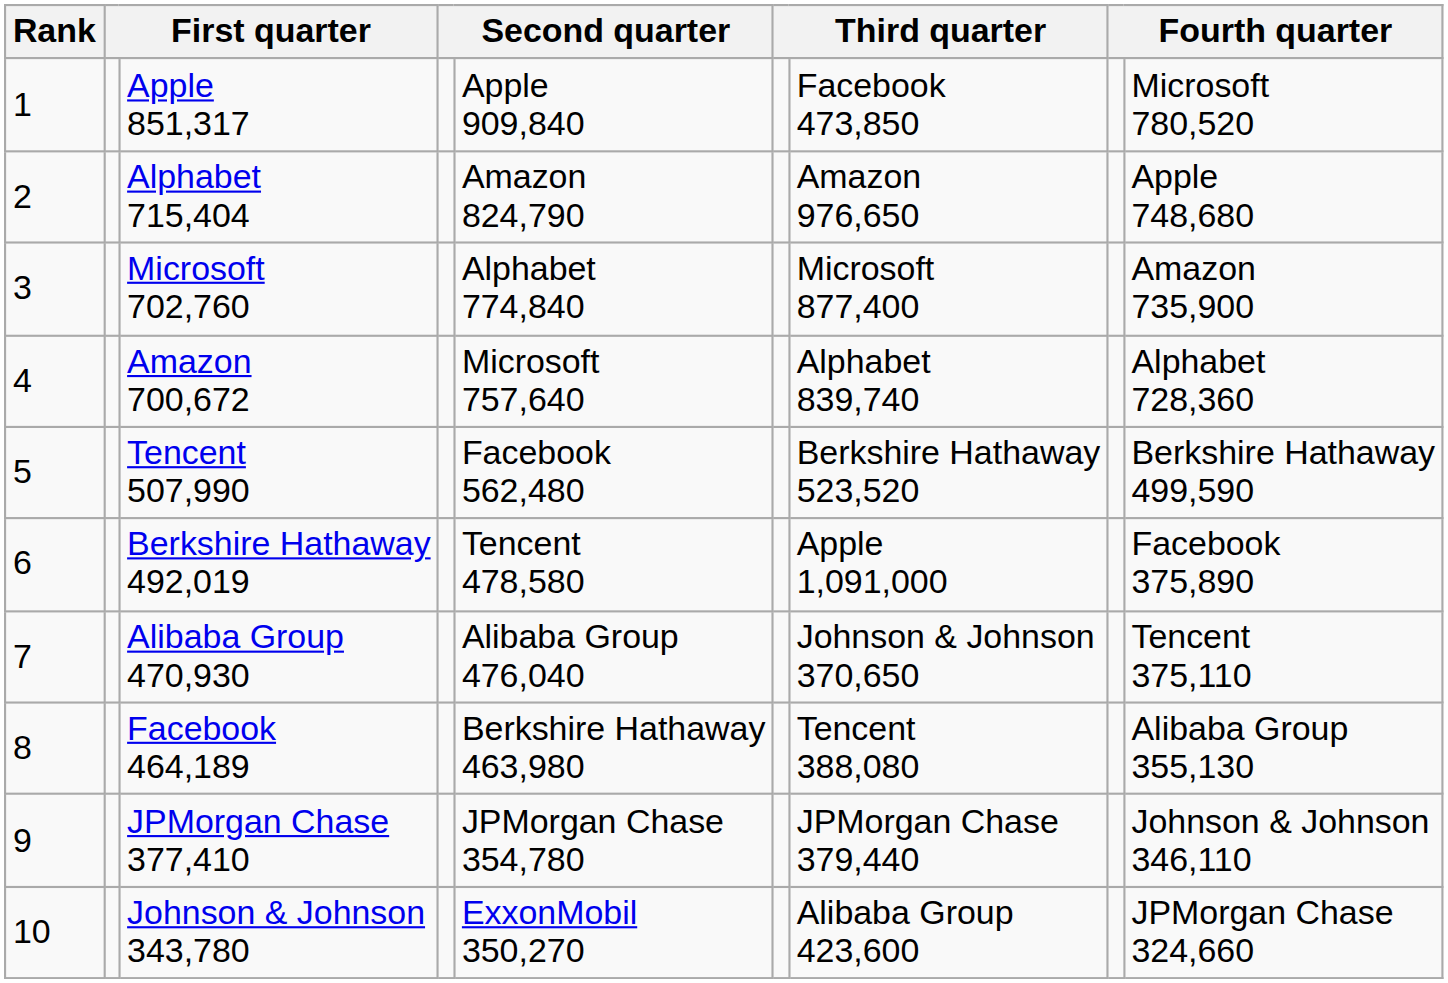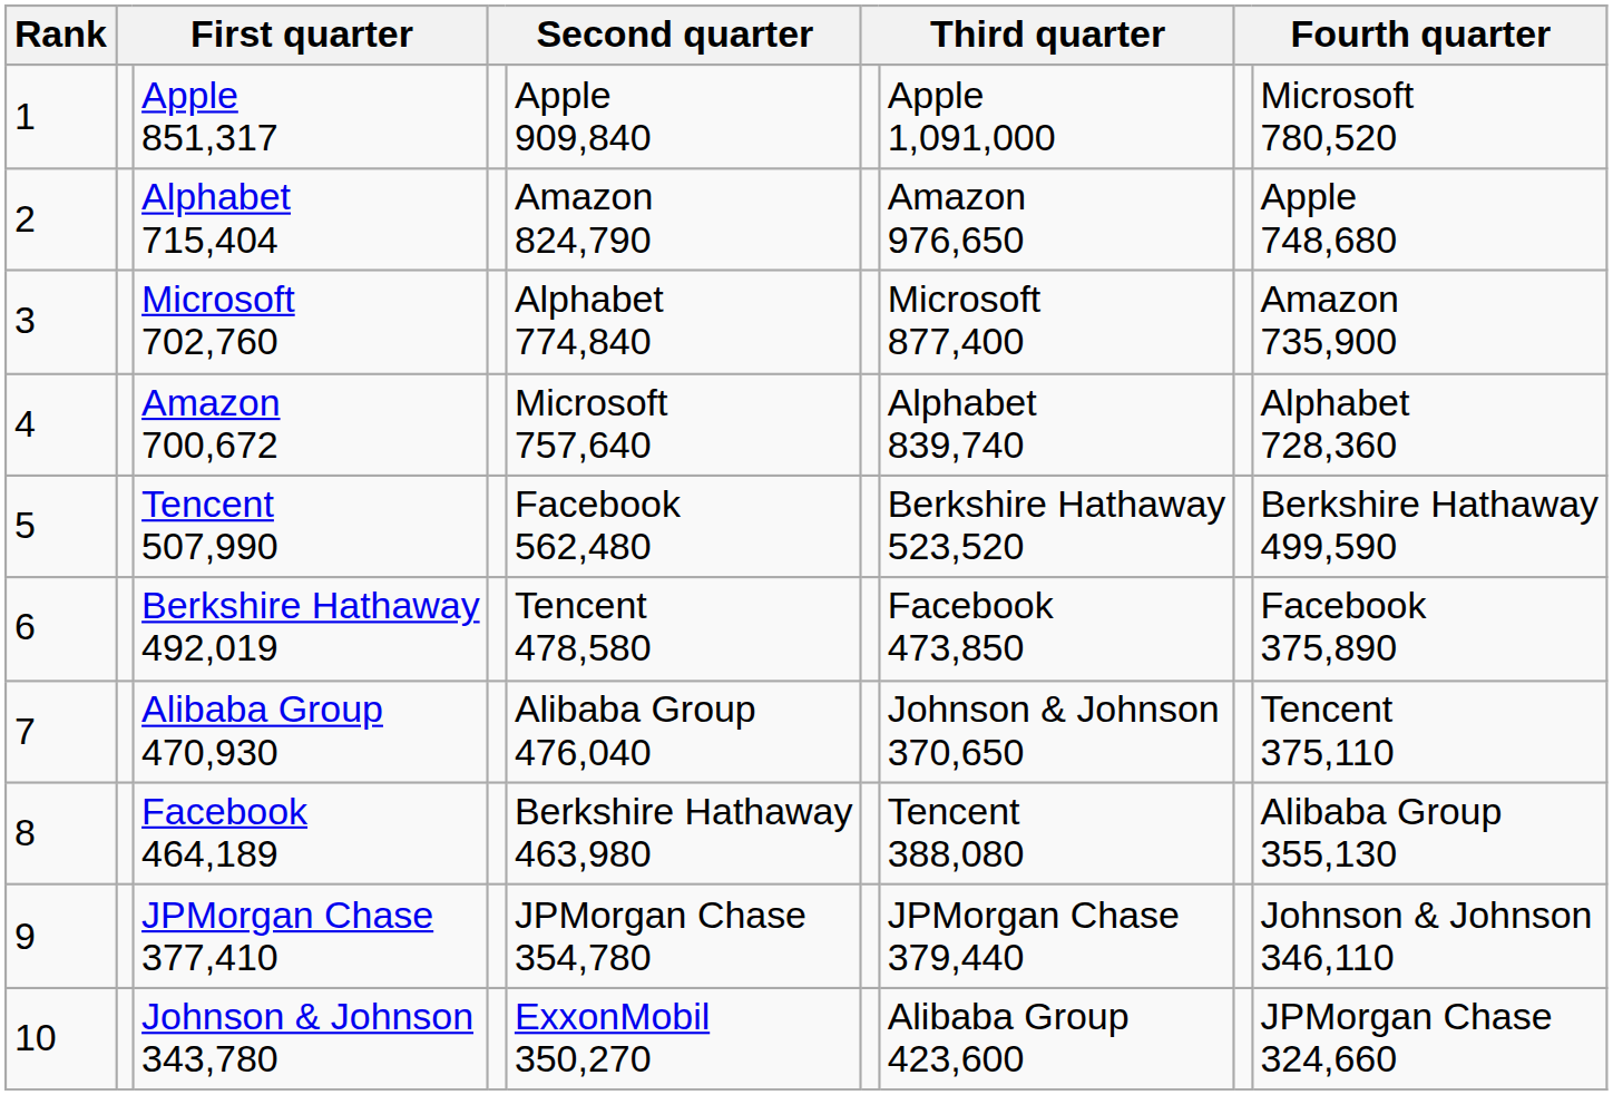 <table class="wikitable">
 <tr>
 <th>Rank</th>
 <th colspan = 2>First quarter</th>
 <th colspan = 2>Second quarter</th>
 <th colspan = 2>Third quarter</th>
 <th colspan = 2>Fourth quarter</th>
 </tr>
 <tr>
 <td>1</td>
 <td></td>
 <td><a href='#'>Apple</a> <br> 851,317</td>
 <td></td>
 <td>Apple <br> 909,840</td>
 <td></td>
-<td>Facebook <br> 473,850</td>
+<td>Apple <br> 1,091,000</td>
 <td></td>
 <td>Microsoft <br> 780,520</td>
 </tr>
 <tr>
 <td>2</td>
 <td></td>
 <td><a href='#'>Alphabet</a> <br> 715,404</td>
 <td></td>
 <td>Amazon <br> 824,790</td>
 <td></td>
 <td>Amazon <br> 976,650</td>
 <td></td>
 <td>Apple <br> 748,680</td>
 </tr>
 <tr>
 <td>3</td>
 <td></td>
 <td><a href='#'>Microsoft</a> <br> 702,760</td>
 <td></td>
 <td>Alphabet <br> 774,840</td>
 <td></td>
 <td>Microsoft <br> 877,400</td>
 <td></td>
 <td>Amazon <br> 735,900</td>
 </tr>
 <tr>
 <td>4</td>
 <td></td>
 <td><a href='#'>Amazon</a> <br> 700,672</td>
 <td></td>
 <td>Microsoft <br> 757,640</td>
 <td></td>
 <td>Alphabet <br> 839,740</td>
 <td></td>
 <td>Alphabet <br> 728,360</td>
 </tr>
 <tr>
 <td>5</td>
 <td></td>
 <td><a href='#'>Tencent</a> <br> 507,990</td>
 <td></td>
 <td>Facebook <br> 562,480</td>
 <td></td>
 <td>Berkshire Hathaway <br> 523,520</td>
 <td></td>
 <td>Berkshire Hathaway <br> 499,590</td>
 </tr>
 <tr>
 <td>6</td>
 <td></td>
 <td><a href='#'>Berkshire Hathaway</a> <br> 492,019</td>
 <td></td>
 <td>Tencent <br> 478,580</td>
 <td></td>
-<td>Apple <br> 1,091,000</td>
+<td>Facebook <br> 473,850</td>
 <td></td>
 <td>Facebook <br> 375,890</td>
 </tr>
 <tr>
 <td>7</td>
 <td></td>
 <td><a href='#'>Alibaba Group</a> <br> 470,930</td>
 <td></td>
 <td>Alibaba Group <br> 476,040</td>
 <td></td>
 <td>Johnson & Johnson <br> 370,650</td>
 <td></td>
 <td>Tencent <br> 375,110</td>
 </tr>
 <tr>
 <td>8</td>
 <td></td>
 <td><a href='#'>Facebook</a> <br> 464,189</td>
 <td></td>
 <td>Berkshire Hathaway <br> 463,980</td>
 <td></td>
 <td>Tencent <br> 388,080</td>
 <td></td>
 <td>Alibaba Group <br> 355,130</td>
 </tr>
 <tr>
 <td>9</td>
 <td></td>
 <td><a href='#'>JPMorgan Chase</a> <br> 377,410</td>
 <td></td>
 <td>JPMorgan Chase <br> 354,780</td>
 <td></td>
 <td>JPMorgan Chase <br> 379,440</td>
 <td></td>
 <td>Johnson & Johnson <br> 346,110</td>
 </tr>
 <tr>
 <td>10</td>
 <td></td>
 <td><a href='#'>Johnson & Johnson</a> <br> 343,780</td>
 <td></td>
 <td><a href='#'>ExxonMobil</a><br> 350,270</td>
 <td></td>
 <td>Alibaba Group <br> 423,600</td>
 <td></td>
 <td>JPMorgan Chase <br> 324,660</td>
 </tr>
 </table>
